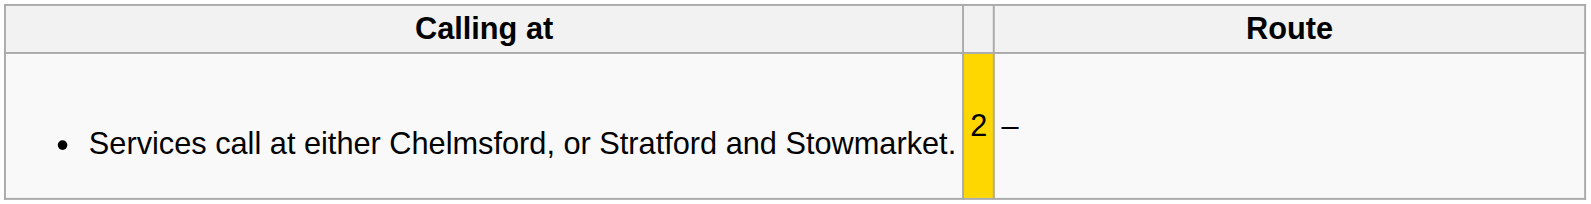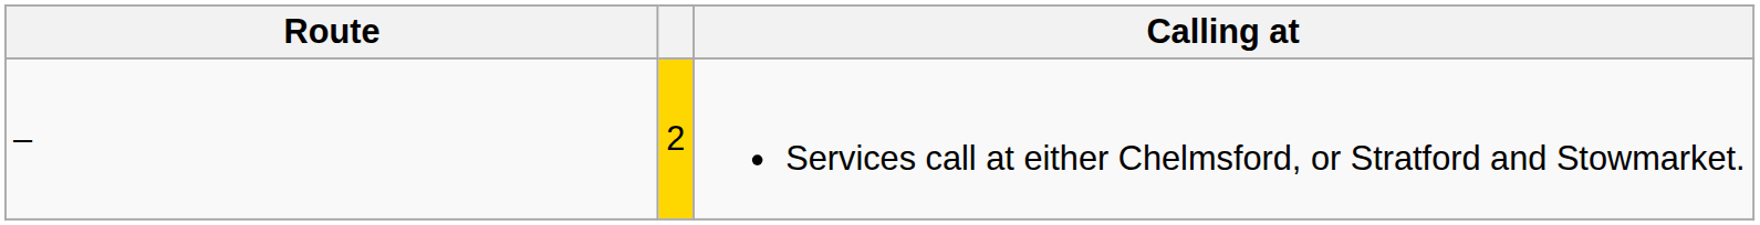 <table class="wikitable">
 <tr>
+<th style="width:300px;">Route</th>
+<th></th>
 <th>Calling at</th>
-<th></th>
-<th style="width:300px;">Route</th>
 </tr>
 <tr>
+<td> – </td>
+<td style="background: gold;">2</td>
 <td><br><ul><li>Services call at either Chelmsford, or Stratford and Stowmarket.</li></ul></td>
-<td style="background: gold;">2</td>
-<td> – </td>
 </tr>
 </table>
